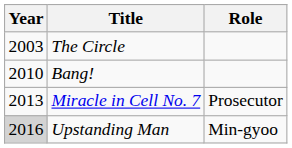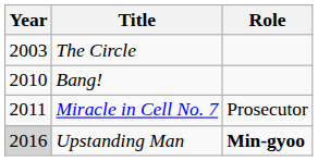 <table class="wikitable sortable">
 <tr>
 <th width=10>Year</th>
 <th>Title</th>
 <th>Role</th>
 </tr>
 <tr>
 <td>2003</td>
 <td><em>The Circle</em></td>
 <td></td>
 </tr>
 <tr>
 <td>2010</td>
 <td><em>Bang!</em></td>
 <td></td>
 </tr>
 <tr>
-<td>2013</td>
+<td>2011</td>
 <td><em><a href='#'>Miracle in Cell No. 7</a></em></td>
 <td>Prosecutor</td>
 </tr>
 <tr>
 <td style="background: lightgrey;">2016</td>
 <td><em>Upstanding Man</em></td>
-<td>Min-gyoo</td>
+<td><strong>Min-gyoo</strong></td>
 </tr>
 </table>
